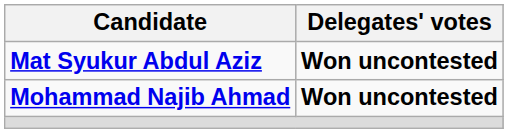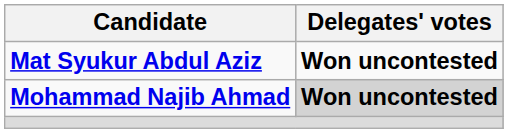 <table class="wikitable" style="text-align:center">
 <tr>
 <th>Candidate</th>
 <th>Delegates' votes</th>
 </tr>
 <tr>
 <td align="left"><strong><a href='#'>Mat Syukur Abdul Aziz</a></strong></td>
 <td colspan="1"><strong>Won uncontested</strong></td>
 </tr>
 <tr>
 <td align="left"><strong><a href='#'>Mohammad Najib Ahmad</a></strong></td>
-<td colspan="1"><strong>Won uncontested</strong></td>
+<td colspan="1" style="background: lightgrey;"><strong>Won uncontested</strong></td>
 </tr>
 <tr>
 <td colspan="3" bgcolor="dcdcdc"></td>
 </tr>
 </table>
